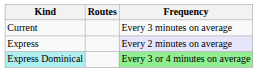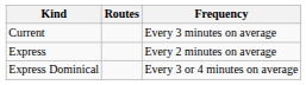 <table class="wikitable" style="margin-left: auto; margin-right: auto; border: none;">
 <tr>
 <th>Kind</th>
 <th>Routes</th>
 <th>Frequency</th>
 </tr>
 <tr>
 <td>Current</td>
 <td>  </td>
 <td>Every 3 minutes on average</td>
 </tr>
 <tr>
 <td>Express</td>
 <td>   </td>
-<td style="background: lavender;">Every 2 minutes on average</td>
+<td>Every 2 minutes on average</td>
 </tr>
 <tr>
-<td style="background: paleturquoise;">Express Dominical</td>
+<td>Express Dominical</td>
 <td> </td>
-<td style="background: lightgreen;">Every 3 or 4 minutes on average</td>
+<td>Every 3 or 4 minutes on average</td>
 </tr>
 </table>
